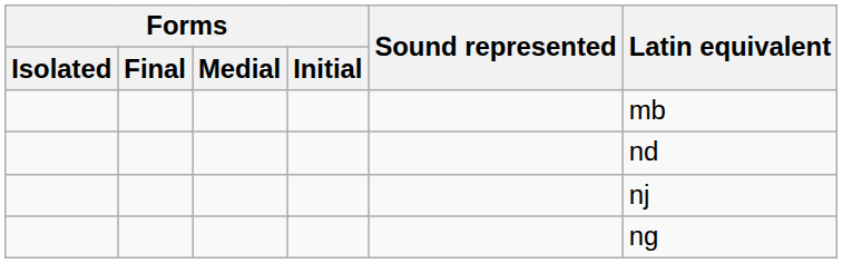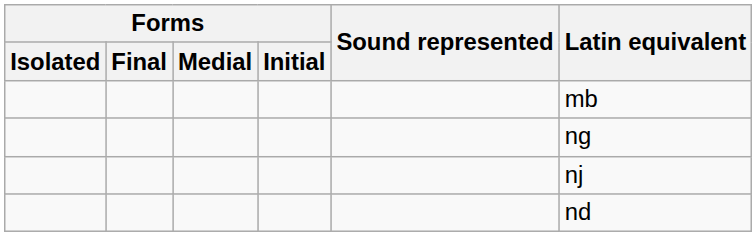 <table class="wikitable">
 <tr>
 <th colspan="4">Forms</th>
 <th rowspan="2">Sound represented</th>
 <th rowspan="2">Latin equivalent</th>
 </tr>
 <tr>
 <th>Isolated</th>
 <th>Final</th>
 <th>Medial</th>
 <th>Initial</th>
 </tr>
 <tr>
 <td></td>
 <td></td>
 <td></td>
 <td></td>
 <td></td>
 <td>mb</td>
 </tr>
 <tr>
 <td></td>
 <td></td>
 <td></td>
 <td></td>
 <td></td>
-<td>nd</td>
+<td>ng</td>
 </tr>
 <tr>
 <td></td>
 <td></td>
 <td></td>
 <td></td>
 <td></td>
 <td>nj</td>
 </tr>
 <tr>
 <td></td>
 <td></td>
 <td></td>
 <td></td>
 <td></td>
-<td>ng</td>
+<td>nd</td>
 </tr>
 </table>
